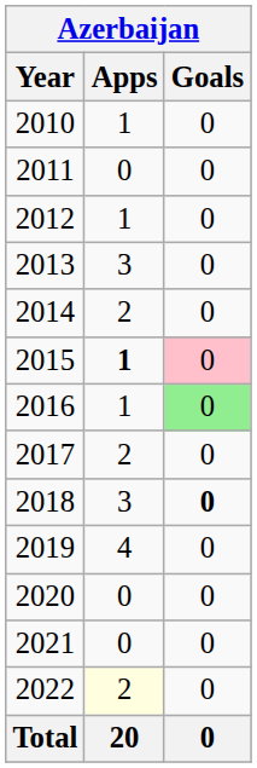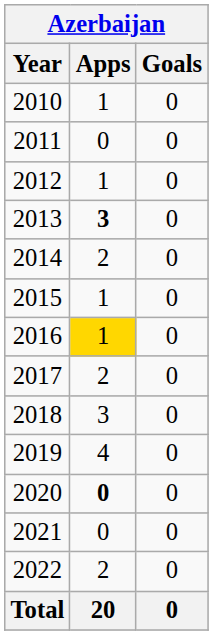 <table class="wikitable" style="text-align:center">
 <tr>
 <th colspan=3><a href='#'>Azerbaijan</a></th>
 </tr>
 <tr>
 <th>Year</th>
 <th>Apps</th>
 <th>Goals</th>
 </tr>
 <tr>
 <td>2010</td>
 <td>1</td>
 <td>0</td>
 </tr>
 <tr>
 <td>2011</td>
 <td>0</td>
 <td>0</td>
 </tr>
 <tr>
 <td>2012</td>
 <td>1</td>
 <td>0</td>
 </tr>
 <tr>
 <td>2013</td>
-<td>3</td>
+<td><strong>3</strong></td>
 <td>0</td>
 </tr>
 <tr>
 <td>2014</td>
 <td>2</td>
 <td>0</td>
 </tr>
 <tr>
 <td>2015</td>
-<td><strong>1</strong></td>
-<td style="background: pink;">0</td>
+<td>1</td>
+<td>0</td>
 </tr>
 <tr>
 <td>2016</td>
-<td>1</td>
-<td style="background: lightgreen;">0</td>
+<td style="background: gold;">1</td>
+<td>0</td>
 </tr>
 <tr>
 <td>2017</td>
 <td>2</td>
 <td>0</td>
 </tr>
 <tr>
 <td>2018</td>
 <td>3</td>
-<td><strong>0</strong></td>
+<td>0</td>
 </tr>
 <tr>
 <td>2019</td>
 <td>4</td>
 <td>0</td>
 </tr>
 <tr>
 <td>2020</td>
-<td>0</td>
+<td><strong>0</strong></td>
 <td>0</td>
 </tr>
 <tr>
 <td>2021</td>
 <td>0</td>
 <td>0</td>
 </tr>
 <tr>
 <td>2022</td>
-<td style="background: lightyellow;">2</td>
+<td>2</td>
 <td>0</td>
 </tr>
 <tr>
 <th>Total</th>
 <th>20</th>
 <th>0</th>
 </tr>
 </table>
